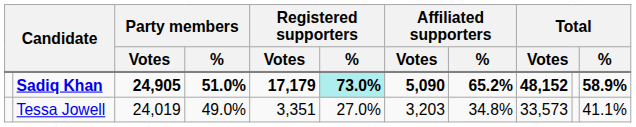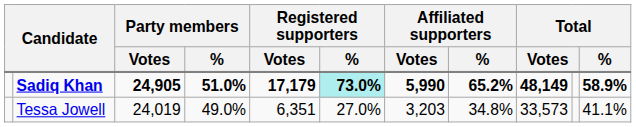 <table class="wikitable" style="font-size: 95%;">
 <tr>
 <th colspan="2" scope="col" rowspan="2" width="125">Candidate</th>
 <th scope="col" colspan="2" width="150">Party members</th>
 <th scope="col" colspan="2" width="150">Registered supporters</th>
 <th scope="col" colspan="2" width="150">Affiliated supporters</th>
 <th scope="col" colspan="3" width="75">Total</th>
 </tr>
 <tr style="background-color:#E9E9E9; border-bottom: 2px solid gray;">
 <th>Votes</th>
 <th>%</th>
 <th>Votes</th>
 <th>%</th>
 <th>Votes</th>
 <th>%</th>
 <th scope="col" colspan="2">Votes</th>
 <th>%</th>
 </tr>
 <tr align="right">
 <td style="background-color: "></td>
 <td scope="row" align="left"><strong><a href='#'>Sadiq Khan</a></strong> </td>
 <td><strong>24,905</strong></td>
 <td><strong>51.0%</strong></td>
 <td><strong>17,179</strong></td>
 <td style="background: paleturquoise;"><strong>73.0%</strong></td>
-<td><strong>5,090</strong></td>
+<td><strong>5,990</strong></td>
 <td><strong>65.2%</strong></td>
-<td><strong>48,152</strong></td>
+<td><strong>48,149</strong></td>
 <td align=center></td>
 <td><strong>58.9%</strong></td>
 </tr>
 <tr align="right">
 <td style="background-color: "></td>
 <td scope="row" align="left"><a href='#'>Tessa Jowell</a></td>
 <td>24,019</td>
 <td>49.0%</td>
-<td>3,351</td>
+<td>6,351</td>
 <td>27.0%</td>
 <td>3,203</td>
 <td>34.8%</td>
 <td>33,573</td>
 <td align=center></td>
 <td>41.1%</td>
 </tr>
 </table>
